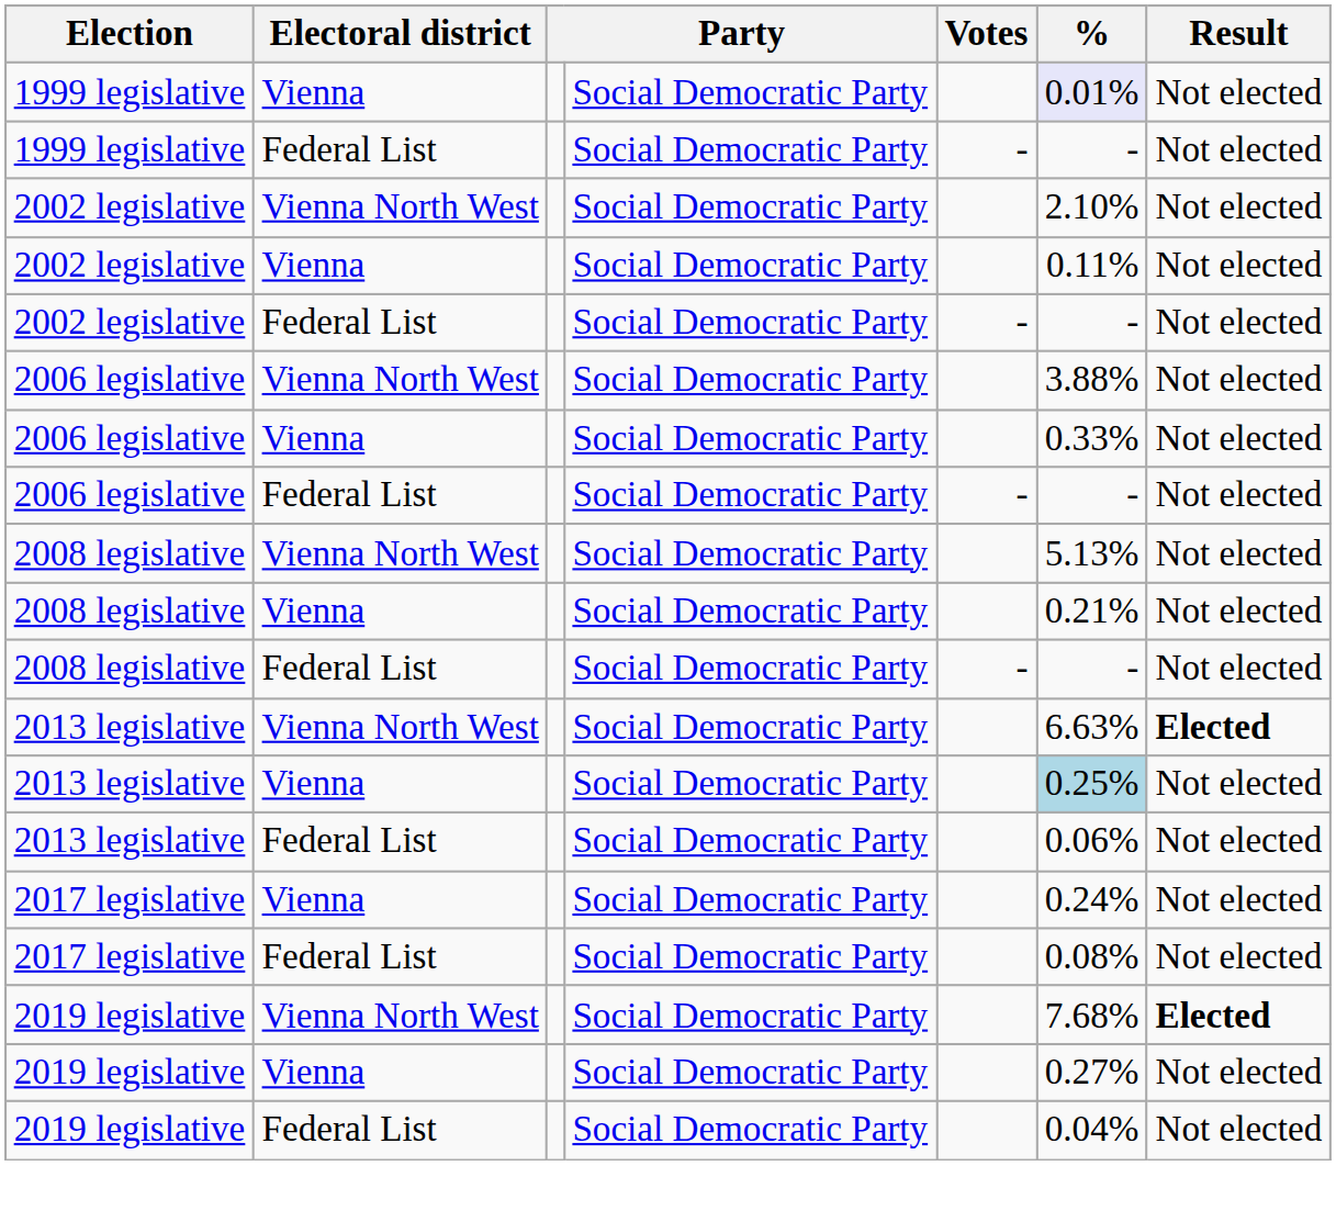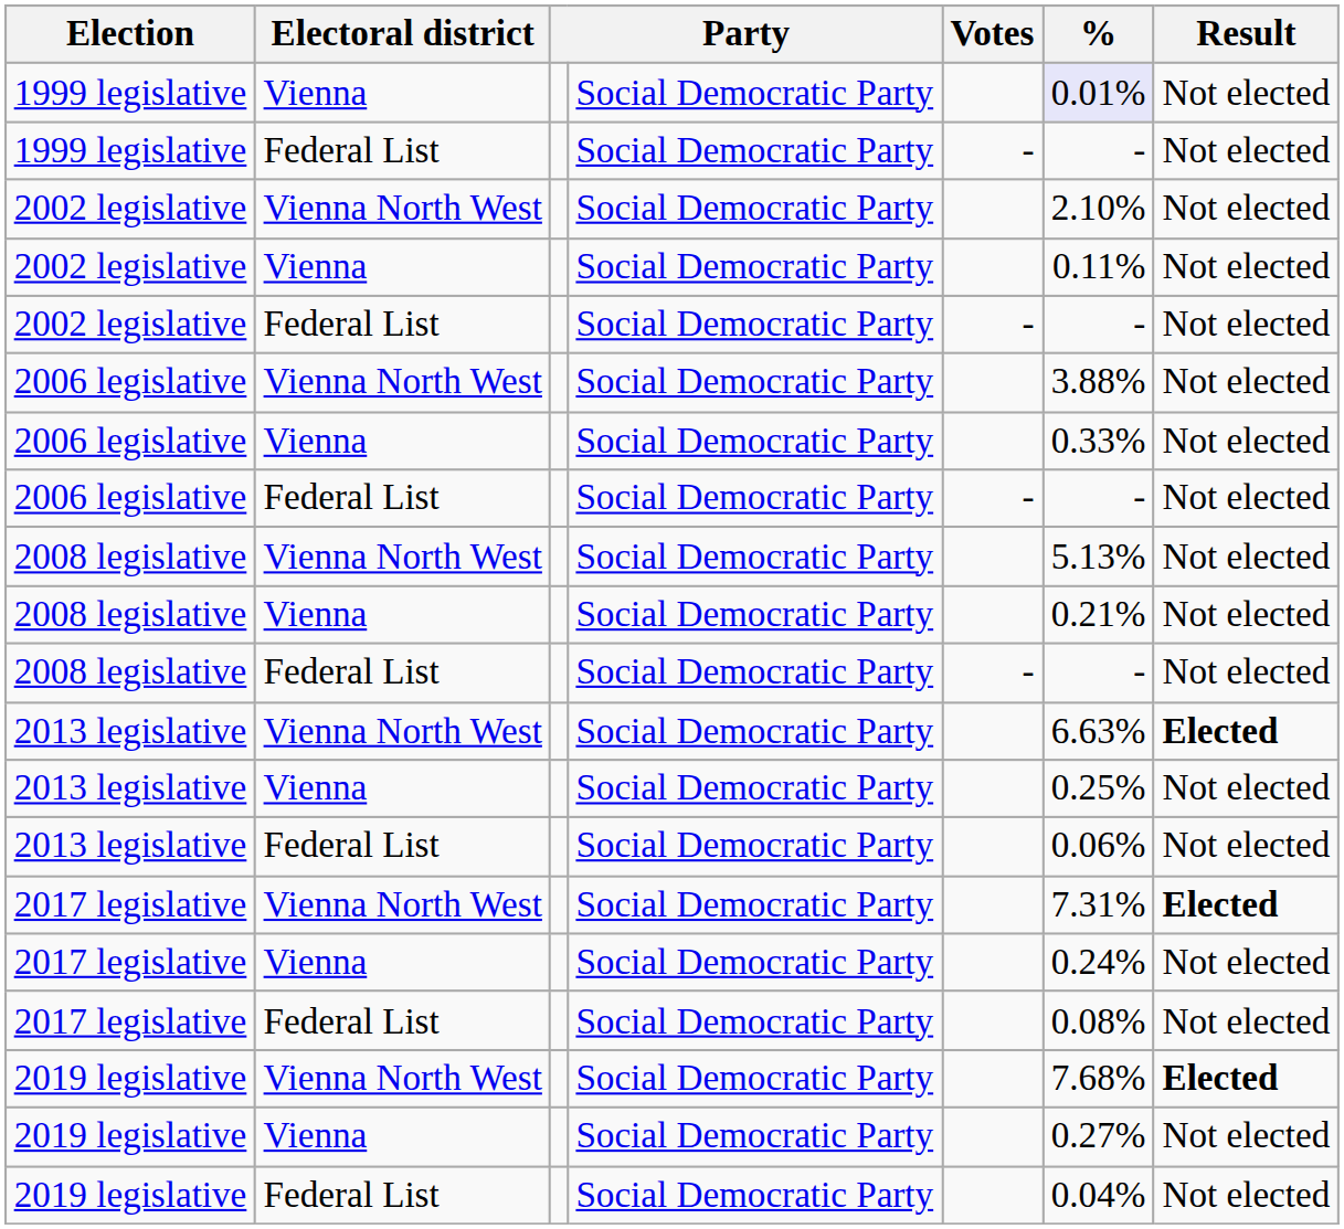 <table class="wikitable" style="text-align:left;">
 <tr>
 <th scope=col>Election</th>
 <th scope=col>Electoral district</th>
 <th scope=col colspan="2">Party</th>
 <th scope=col>Votes</th>
 <th scope=col>%</th>
 <th scope=col>Result</th>
 </tr>
 <tr>
 <td><a href='#'>1999 legislative</a></td>
 <td><a href='#'>Vienna</a></td>
 <td style="background:"></td>
 <td><a href='#'>Social Democratic Party</a></td>
 <td align=right></td>
 <td align=right style="background: lavender;">0.01%</td>
 <td>Not elected</td>
 </tr>
 <tr>
 <td><a href='#'>1999 legislative</a></td>
 <td>Federal List</td>
 <td style="background:"></td>
 <td><a href='#'>Social Democratic Party</a></td>
 <td align=right>-</td>
 <td align=right>-</td>
 <td>Not elected</td>
 </tr>
 <tr>
 <td><a href='#'>2002 legislative</a></td>
 <td><a href='#'>Vienna North West</a></td>
 <td style="background:"></td>
 <td><a href='#'>Social Democratic Party</a></td>
 <td align=right></td>
 <td align=right>2.10%</td>
 <td>Not elected</td>
 </tr>
 <tr>
 <td><a href='#'>2002 legislative</a></td>
 <td><a href='#'>Vienna</a></td>
 <td style="background:"></td>
 <td><a href='#'>Social Democratic Party</a></td>
 <td align=right></td>
 <td align=right>0.11%</td>
 <td>Not elected</td>
 </tr>
 <tr>
 <td><a href='#'>2002 legislative</a></td>
 <td>Federal List</td>
 <td style="background:"></td>
 <td><a href='#'>Social Democratic Party</a></td>
 <td align=right>-</td>
 <td align=right>-</td>
 <td>Not elected</td>
 </tr>
 <tr>
 <td><a href='#'>2006 legislative</a></td>
 <td><a href='#'>Vienna North West</a></td>
 <td style="background:"></td>
 <td><a href='#'>Social Democratic Party</a></td>
 <td align=right></td>
 <td align=right>3.88%</td>
 <td>Not elected</td>
 </tr>
 <tr>
 <td><a href='#'>2006 legislative</a></td>
 <td><a href='#'>Vienna</a></td>
 <td style="background:"></td>
 <td><a href='#'>Social Democratic Party</a></td>
 <td align=right></td>
 <td align=right>0.33%</td>
 <td>Not elected</td>
 </tr>
 <tr>
 <td><a href='#'>2006 legislative</a></td>
 <td>Federal List</td>
 <td style="background:"></td>
 <td><a href='#'>Social Democratic Party</a></td>
 <td align=right>-</td>
 <td align=right>-</td>
 <td>Not elected</td>
 </tr>
 <tr>
 <td><a href='#'>2008 legislative</a></td>
 <td><a href='#'>Vienna North West</a></td>
 <td style="background:"></td>
 <td><a href='#'>Social Democratic Party</a></td>
 <td align=right></td>
 <td align=right>5.13%</td>
 <td>Not elected</td>
 </tr>
 <tr>
 <td><a href='#'>2008 legislative</a></td>
 <td><a href='#'>Vienna</a></td>
 <td style="background:"></td>
 <td><a href='#'>Social Democratic Party</a></td>
 <td align=right></td>
 <td align=right>0.21%</td>
 <td>Not elected</td>
 </tr>
 <tr>
 <td><a href='#'>2008 legislative</a></td>
 <td>Federal List</td>
 <td style="background:"></td>
 <td><a href='#'>Social Democratic Party</a></td>
 <td align=right>-</td>
 <td align=right>-</td>
 <td>Not elected</td>
 </tr>
 <tr>
 <td><a href='#'>2013 legislative</a></td>
 <td><a href='#'>Vienna North West</a></td>
 <td style="background:"></td>
 <td><a href='#'>Social Democratic Party</a></td>
 <td align=right></td>
 <td align=right>6.63%</td>
 <td><strong>Elected</strong></td>
 </tr>
 <tr>
 <td><a href='#'>2013 legislative</a></td>
 <td><a href='#'>Vienna</a></td>
 <td style="background:"></td>
 <td><a href='#'>Social Democratic Party</a></td>
 <td align=right></td>
-<td align=right style="background: lightblue;">0.25%</td>
+<td align=right>0.25%</td>
 <td>Not elected</td>
 </tr>
 <tr>
 <td><a href='#'>2013 legislative</a></td>
 <td>Federal List</td>
 <td style="background:"></td>
 <td><a href='#'>Social Democratic Party</a></td>
 <td align=right></td>
 <td align=right>0.06%</td>
 <td>Not elected</td>
+</tr>
+<tr>
+<td><a href='#'>2017 legislative</a></td>
+<td><a href='#'>Vienna North West</a></td>
+<td style="background:"></td>
+<td><a href='#'>Social Democratic Party</a></td>
+<td align=right></td>
+<td align=right>7.31%</td>
+<td><strong>Elected</strong></td>
 </tr>
 <tr>
 <td><a href='#'>2017 legislative</a></td>
 <td><a href='#'>Vienna</a></td>
 <td style="background:"></td>
 <td><a href='#'>Social Democratic Party</a></td>
 <td align=right></td>
 <td align=right>0.24%</td>
 <td>Not elected</td>
 </tr>
 <tr>
 <td><a href='#'>2017 legislative</a></td>
 <td>Federal List</td>
 <td style="background:"></td>
 <td><a href='#'>Social Democratic Party</a></td>
 <td align=right></td>
 <td align=right>0.08%</td>
 <td>Not elected</td>
 </tr>
 <tr>
 <td><a href='#'>2019 legislative</a></td>
 <td><a href='#'>Vienna North West</a></td>
 <td style="background:"></td>
 <td><a href='#'>Social Democratic Party</a></td>
 <td align=right></td>
 <td align=right>7.68%</td>
 <td><strong>Elected</strong></td>
 </tr>
 <tr>
 <td><a href='#'>2019 legislative</a></td>
 <td><a href='#'>Vienna</a></td>
 <td style="background:"></td>
 <td><a href='#'>Social Democratic Party</a></td>
 <td align=right></td>
 <td align=right>0.27%</td>
 <td>Not elected</td>
 </tr>
 <tr>
 <td><a href='#'>2019 legislative</a></td>
 <td>Federal List</td>
 <td style="background:"></td>
 <td><a href='#'>Social Democratic Party</a></td>
 <td align=right></td>
 <td align=right>0.04%</td>
 <td>Not elected</td>
 </tr>
 </table>
